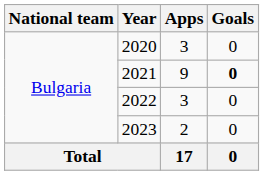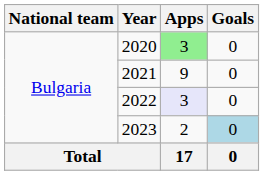 <table class="wikitable" style="text-align:center">
 <tr>
 <th>National team</th>
 <th>Year</th>
 <th>Apps</th>
 <th>Goals</th>
 </tr>
 <tr>
 <td rowspan="4"><a href='#'>Bulgaria</a></td>
 <td>2020</td>
-<td>3</td>
+<td style="background: lightgreen;">3</td>
 <td>0</td>
 </tr>
 <tr>
 <td>2021</td>
 <td>9</td>
-<td><strong>0</strong></td>
+<td>0</td>
 </tr>
 <tr>
 <td>2022</td>
-<td>3</td>
+<td style="background: lavender;">3</td>
 <td>0</td>
 </tr>
 <tr>
 <td>2023</td>
 <td>2</td>
-<td>0</td>
+<td style="background: lightblue;">0</td>
 </tr>
 <tr>
 <th colspan="2">Total</th>
 <th>17</th>
 <th>0</th>
 </tr>
 </table>
